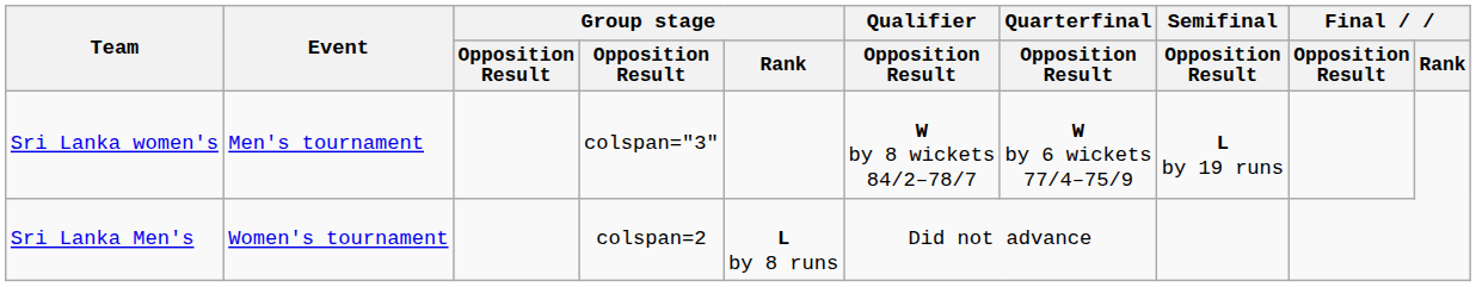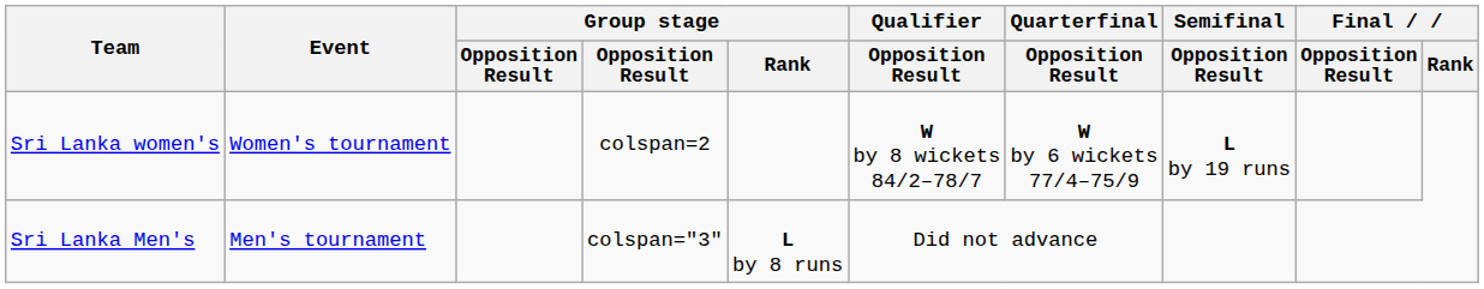 <table class=wikitable style=font-size:90%;text-align:center>
 <tr>
 <th rowspan=2>Team</th>
 <th rowspan=2>Event</th>
 <th colspan=3>Group stage</th>
 <th>Qualifier</th>
 <th>Quarterfinal</th>
 <th>Semifinal</th>
 <th colspan=2>Final /  / </th>
 </tr>
 <tr style=font-size:95%>
 <th>Opposition<br>Result</th>
 <th>Opposition<br>Result</th>
 <th>Rank</th>
 <th>Opposition<br>Result</th>
 <th>Opposition<br>Result</th>
 <th>Opposition<br>Result</th>
 <th>Opposition<br>Result</th>
 <th>Rank</th>
 </tr>
 <tr>
 <td align=left><a href='#'>Sri Lanka women's</a></td>
-<td align=left><a href='#'>Men's tournament</a></td>
+<td align=left><a href='#'>Women's tournament</a></td>
 <td></td>
-<td>colspan="3" </td>
+<td>colspan=2 </td>
 <td></td>
 <td><br><strong>W</strong><br>by 8 wickets<br>84/2–78/7</td>
 <td><br><strong>W</strong><br>by 6 wickets<br>77/4–75/9</td>
 <td><br><strong>L</strong><br>by 19 runs</td>
 <td></td>
 </tr>
 <tr>
 <td align=left><a href='#'>Sri Lanka Men's</a></td>
-<td align=left><a href='#'>Women's tournament</a></td>
+<td align=left><a href='#'>Men's tournament</a></td>
 <td></td>
-<td>colspan=2 </td>
+<td>colspan="3" </td>
 <td><br><strong>L</strong><br>by 8 runs</td>
 <td colspan="2">Did not advance</td>
 <td></td>
 </tr>
 </table>
